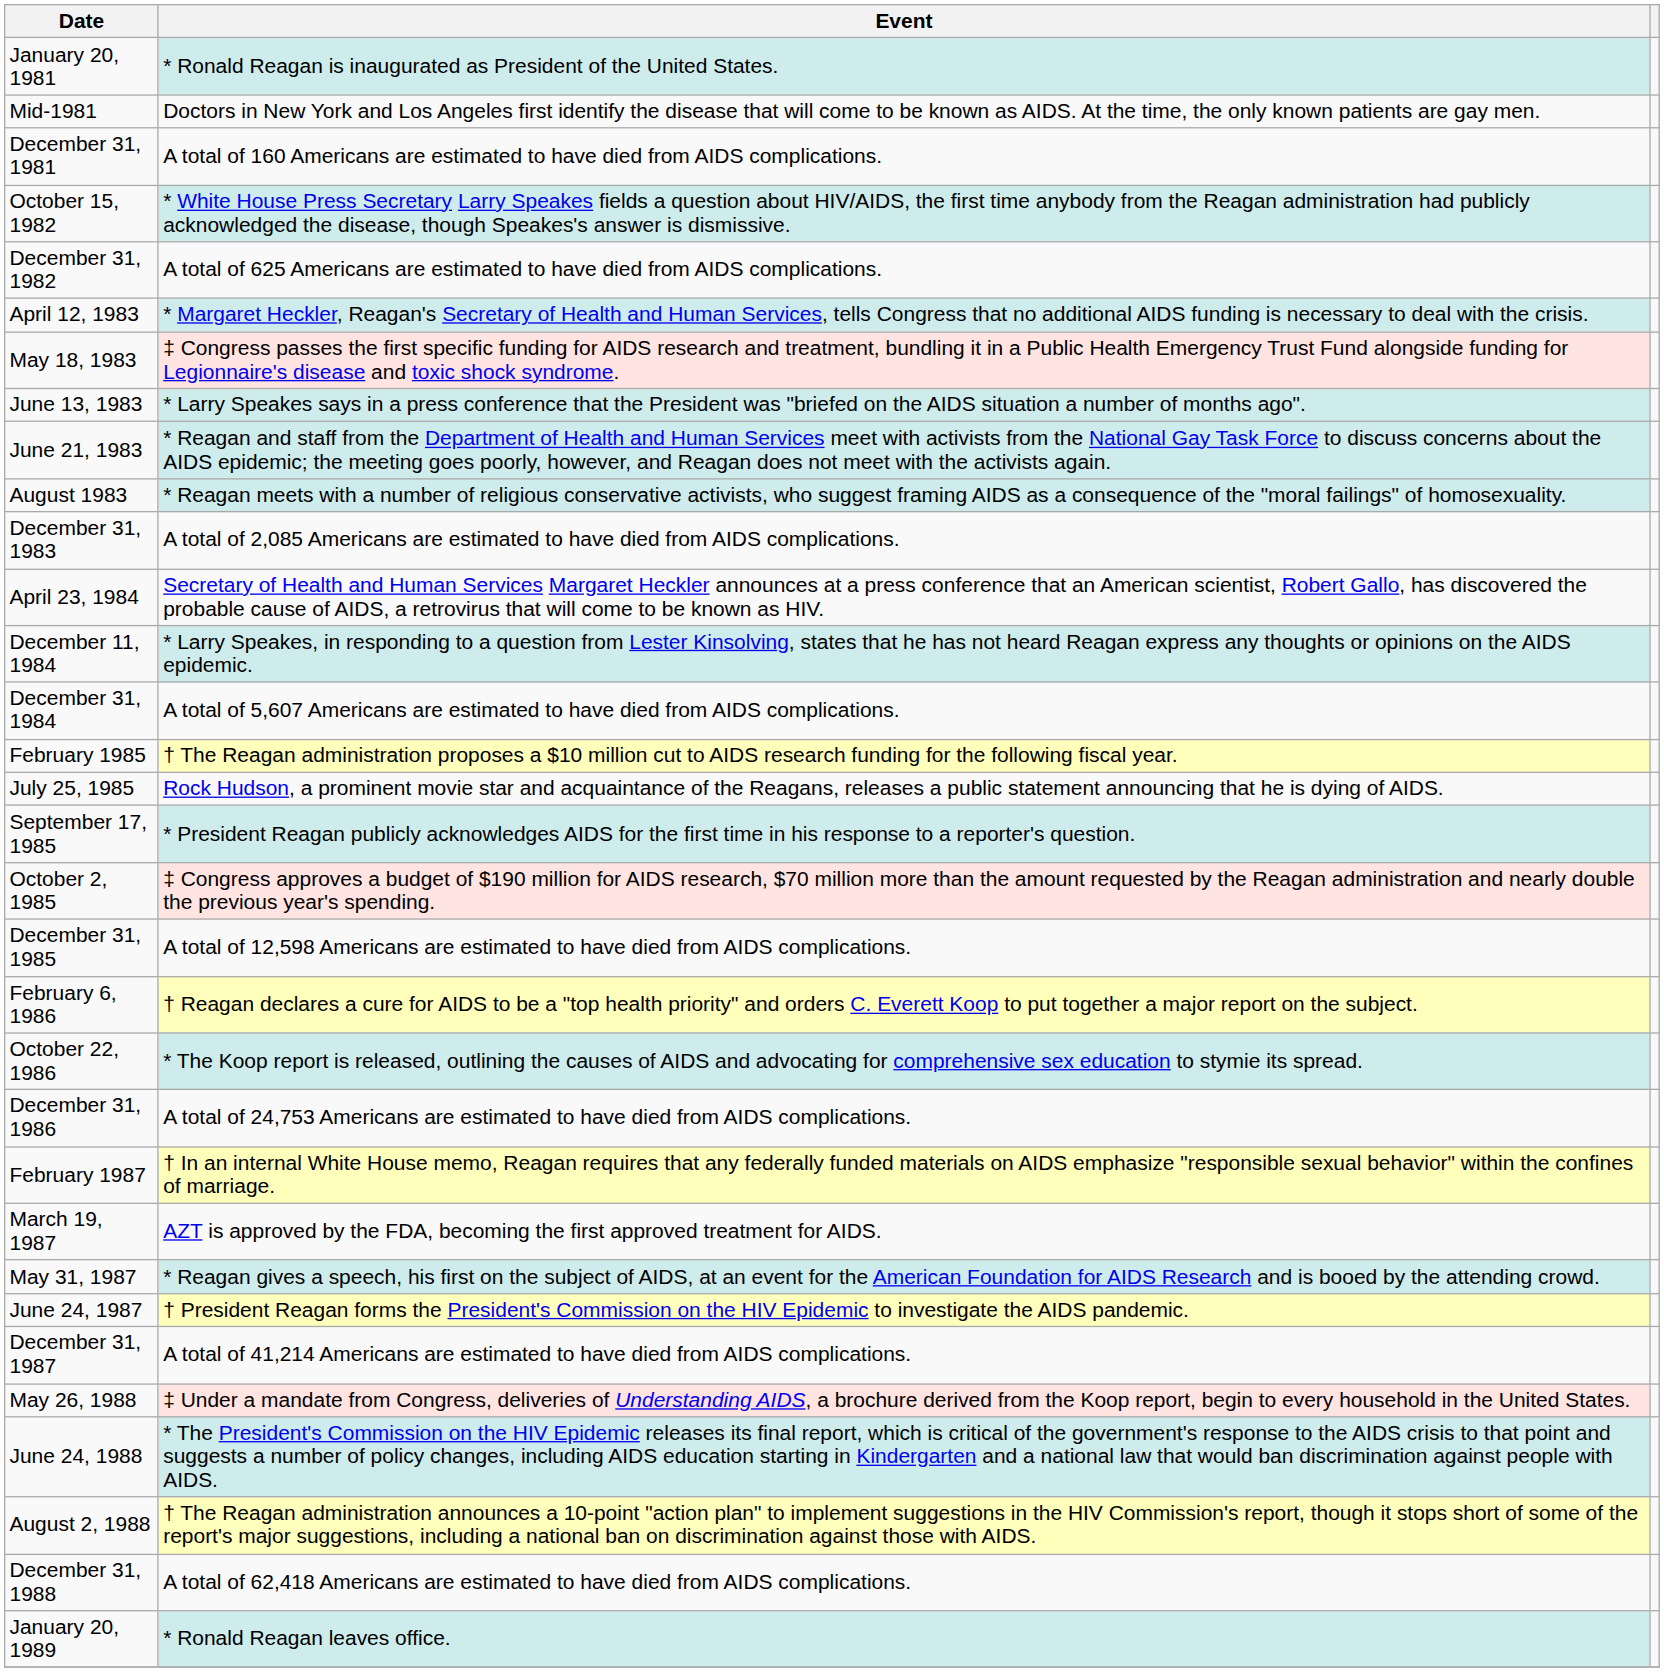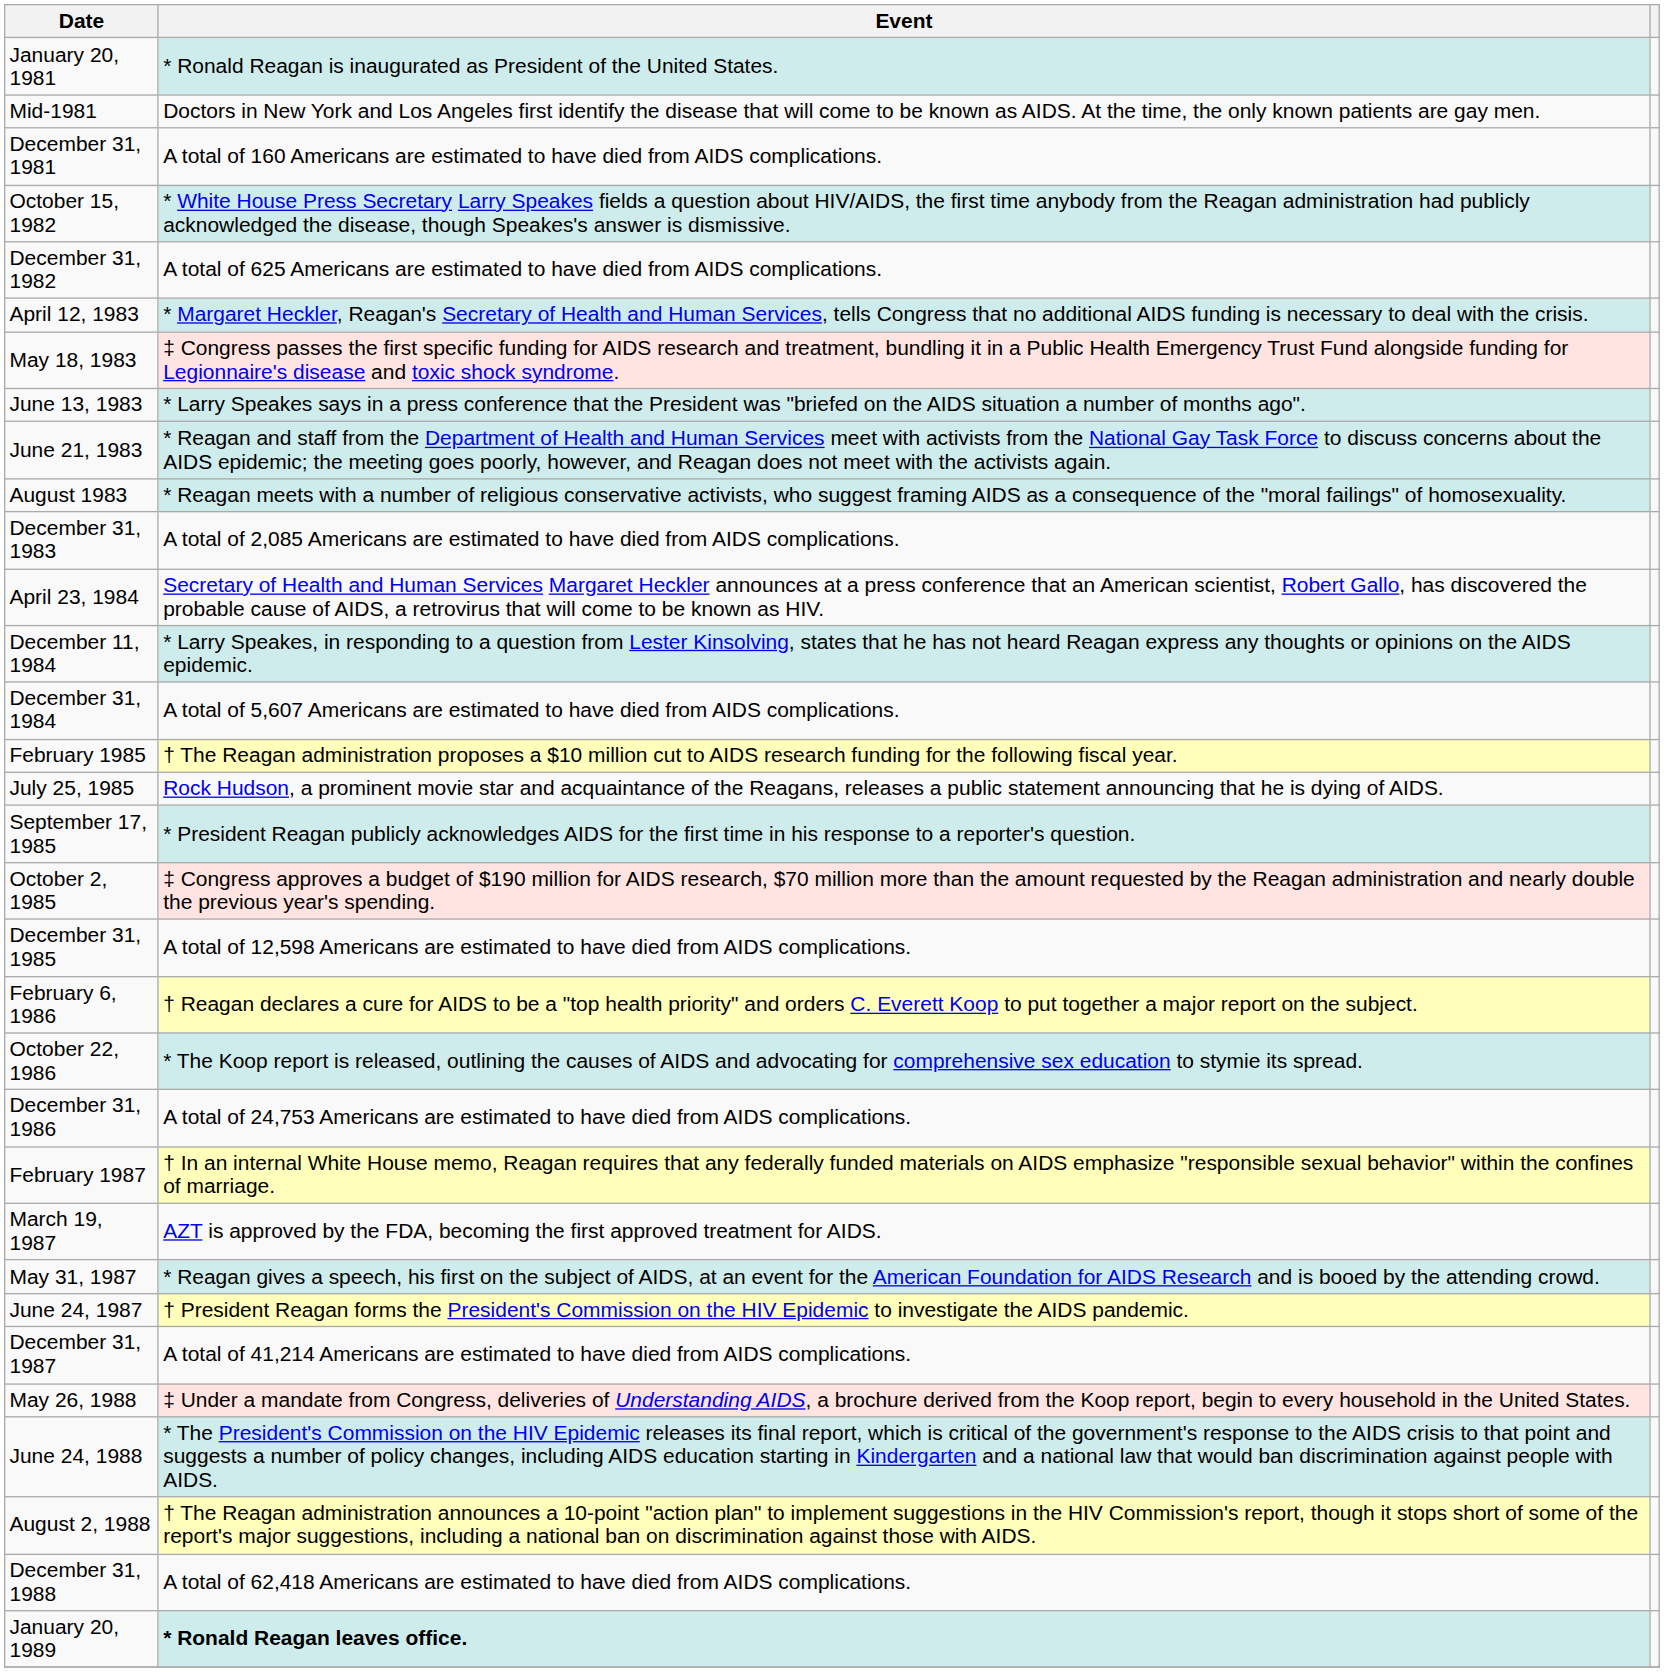 <table class="wikitable" style="width: 100%; margin-right: 0">
 <tr>
 <th scope="col">Date</th>
 <th scope="col">Event</th>
 <th scope="col"></th>
 </tr>
 <tr>
 <td>January 20, 1981</td>
 <td style="background:#cfecec;">* Ronald Reagan is inaugurated as President of the United States.</td>
 <td></td>
 </tr>
 <tr>
 <td>Mid-1981</td>
 <td>Doctors in New York and Los Angeles first identify the disease that will come to be known as AIDS. At the time, the only known patients are gay men.</td>
 <td></td>
 </tr>
 <tr>
 <td>December 31, 1981</td>
 <td>A total of 160 Americans are estimated to have died from AIDS complications.</td>
 <td></td>
 </tr>
 <tr>
 <td>October 15, 1982</td>
 <td style="background:#cfecec;">* <a href='#'>White House Press Secretary</a> <a href='#'>Larry Speakes</a> fields a question about HIV/AIDS, the first time anybody from the Reagan administration had publicly acknowledged the disease, though Speakes's answer is dismissive.</td>
 <td></td>
 </tr>
 <tr>
 <td>December 31, 1982</td>
 <td>A total of 625 Americans are estimated to have died from AIDS complications.</td>
 <td></td>
 </tr>
 <tr>
 <td>April 12, 1983</td>
 <td style="background:#cfecec;">* <a href='#'>Margaret Heckler</a>, Reagan's <a href='#'>Secretary of Health and Human Services</a>, tells Congress that no additional AIDS funding is necessary to deal with the crisis.</td>
 <td></td>
 </tr>
 <tr>
 <td>May 18, 1983</td>
 <td style="background:#FFE4E1;">‡ Congress passes the first specific funding for AIDS research and treatment, bundling it in a Public Health Emergency Trust Fund alongside funding for <a href='#'>Legionnaire's disease</a> and <a href='#'>toxic shock syndrome</a>.</td>
 <td></td>
 </tr>
 <tr>
 <td>June 13, 1983</td>
 <td style="background:#cfecec;">* Larry Speakes says in a press conference that the President was "briefed on the AIDS situation a number of months ago".</td>
 <td></td>
 </tr>
 <tr>
 <td>June 21, 1983</td>
 <td style="background:#cfecec;">* Reagan and staff from the <a href='#'>Department of Health and Human Services</a> meet with activists from the <a href='#'>National Gay Task Force</a> to discuss concerns about the AIDS epidemic; the meeting goes poorly, however, and Reagan does not meet with the activists again.</td>
 <td></td>
 </tr>
 <tr>
 <td>August 1983</td>
 <td style="background:#cfecec;">* Reagan meets with a number of religious conservative activists, who suggest framing AIDS as a consequence of the "moral failings" of homosexuality.</td>
 <td></td>
 </tr>
 <tr>
 <td>December 31, 1983</td>
 <td style="">A total of 2,085 Americans are estimated to have died from AIDS complications.</td>
 <td></td>
 </tr>
 <tr>
 <td>April 23, 1984</td>
 <td style=""><a href='#'>Secretary of Health and Human Services</a> <a href='#'>Margaret Heckler</a> announces at a press conference that an American scientist, <a href='#'>Robert Gallo</a>, has discovered the probable cause of AIDS, a retrovirus that will come to be known as HIV.</td>
 <td></td>
 </tr>
 <tr>
 <td>December 11, 1984</td>
 <td style="background:#cfecec;">* Larry Speakes, in responding to a question from <a href='#'>Lester Kinsolving</a>, states that he has not heard Reagan express any thoughts or opinions on the AIDS epidemic.</td>
 <td></td>
 </tr>
 <tr>
 <td>December 31, 1984</td>
 <td style="">A total of 5,607 Americans are estimated to have died from AIDS complications.</td>
 <td></td>
 </tr>
 <tr>
 <td>February 1985</td>
 <td style="background:#ffffbb;">† The Reagan administration proposes a $10 million cut to AIDS research funding for the following fiscal year.</td>
 <td></td>
 </tr>
 <tr>
 <td>July 25, 1985</td>
 <td style=""><a href='#'>Rock Hudson</a>, a prominent movie star and acquaintance of the Reagans, releases a public statement announcing that he is dying of AIDS.</td>
 <td></td>
 </tr>
 <tr>
 <td>September 17, 1985</td>
 <td style="background:#cfecec;">* President Reagan publicly acknowledges AIDS for the first time in his response to a reporter's question.</td>
 <td></td>
 </tr>
 <tr>
 <td>October 2, 1985</td>
 <td style="background:#FFE4E1;">‡ Congress approves a budget of $190 million for AIDS research, $70 million more than the amount requested by the Reagan administration and nearly double the previous year's spending.</td>
 <td></td>
 </tr>
 <tr>
 <td>December 31, 1985</td>
 <td style="">A total of 12,598 Americans are estimated to have died from AIDS complications.</td>
 <td></td>
 </tr>
 <tr>
 <td>February 6, 1986</td>
 <td style="background:#ffffbb;">† Reagan declares a cure for AIDS to be a "top health priority" and orders <a href='#'>C. Everett Koop</a> to put together a major report on the subject.</td>
 <td></td>
 </tr>
 <tr>
 <td>October 22, 1986</td>
 <td style="background:#cfecec;">* The Koop report is released, outlining the causes of AIDS and advocating for <a href='#'>comprehensive sex education</a> to stymie its spread.</td>
 <td></td>
 </tr>
 <tr>
 <td>December 31, 1986</td>
 <td style="">A total of 24,753 Americans are estimated to have died from AIDS complications.</td>
 <td></td>
 </tr>
 <tr>
 <td>February 1987</td>
 <td style="background:#ffffbb;">† In an internal White House memo, Reagan requires that any federally funded materials on AIDS emphasize "responsible sexual behavior" within the confines of marriage.</td>
 <td></td>
 </tr>
 <tr>
 <td>March 19, 1987</td>
 <td style=""><a href='#'>AZT</a> is approved by the FDA, becoming the first approved treatment for AIDS.</td>
 <td></td>
 </tr>
 <tr>
 <td>May 31, 1987</td>
 <td style="background:#cfecec;">* Reagan gives a speech, his first on the subject of AIDS, at an event for the <a href='#'>American Foundation for AIDS Research</a> and is booed by the attending crowd.</td>
 <td></td>
 </tr>
 <tr>
 <td>June 24, 1987</td>
 <td style="background:#ffffbb;">† President Reagan forms the <a href='#'>President's Commission on the HIV Epidemic</a> to investigate the AIDS pandemic.</td>
 <td></td>
 </tr>
 <tr>
 <td>December 31, 1987</td>
 <td style="">A total of 41,214 Americans are estimated to have died from AIDS complications.</td>
 <td></td>
 </tr>
 <tr>
 <td>May 26, 1988</td>
 <td style="background:#FFE4E1;">‡ Under a mandate from Congress, deliveries of <em><a href='#'>Understanding AIDS</a></em>, a brochure derived from the Koop report, begin to every household in the United States.</td>
 <td></td>
 </tr>
 <tr>
 <td>June 24, 1988</td>
 <td style="background:#cfecec;">* The <a href='#'>President's Commission on the HIV Epidemic</a> releases its final report, which is critical of the government's response to the AIDS crisis to that point and suggests a number of policy changes, including AIDS education starting in <a href='#'>Kindergarten</a> and a national law that would ban discrimination against people with AIDS.</td>
 <td></td>
 </tr>
 <tr>
 <td>August 2, 1988</td>
 <td style="background:#ffffbb;">† The Reagan administration announces a 10-point "action plan" to implement suggestions in the HIV Commission's report, though it stops short of some of the report's major suggestions, including a national ban on discrimination against those with AIDS.</td>
 <td></td>
 </tr>
 <tr>
 <td>December 31, 1988</td>
 <td style="">A total of 62,418 Americans are estimated to have died from AIDS complications.</td>
 <td></td>
 </tr>
 <tr>
 <td>January 20, 1989</td>
-<td style="background:#cfecec;">* Ronald Reagan leaves office.</td>
+<td style="background:#cfecec;"><strong>* Ronald Reagan leaves office.</strong></td>
 <td></td>
 </tr>
 <tr>
 </tr>
 </table>
